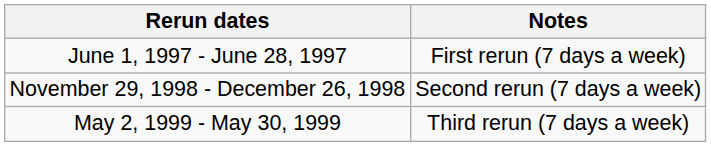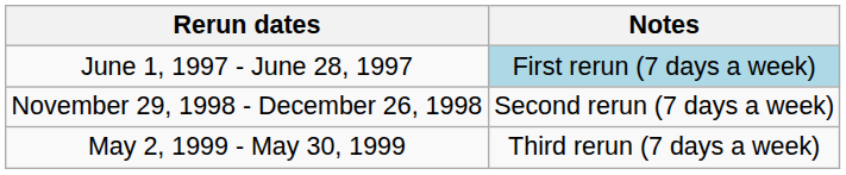 <table class="wikitable collapsible collapsed" style="text-align: center">
 <tr>
 <th>Rerun dates</th>
 <th>Notes</th>
 </tr>
 <tr>
 <td>June 1, 1997 - June 28, 1997</td>
-<td>First rerun (7 days a week)</td>
+<td style="background: lightblue;">First rerun (7 days a week)</td>
 </tr>
 <tr>
 <td>November 29, 1998 - December 26, 1998</td>
 <td>Second rerun (7 days a week)</td>
 </tr>
 <tr>
 <td>May 2, 1999 - May 30, 1999</td>
 <td>Third rerun (7 days a week)</td>
 </tr>
 </table>
